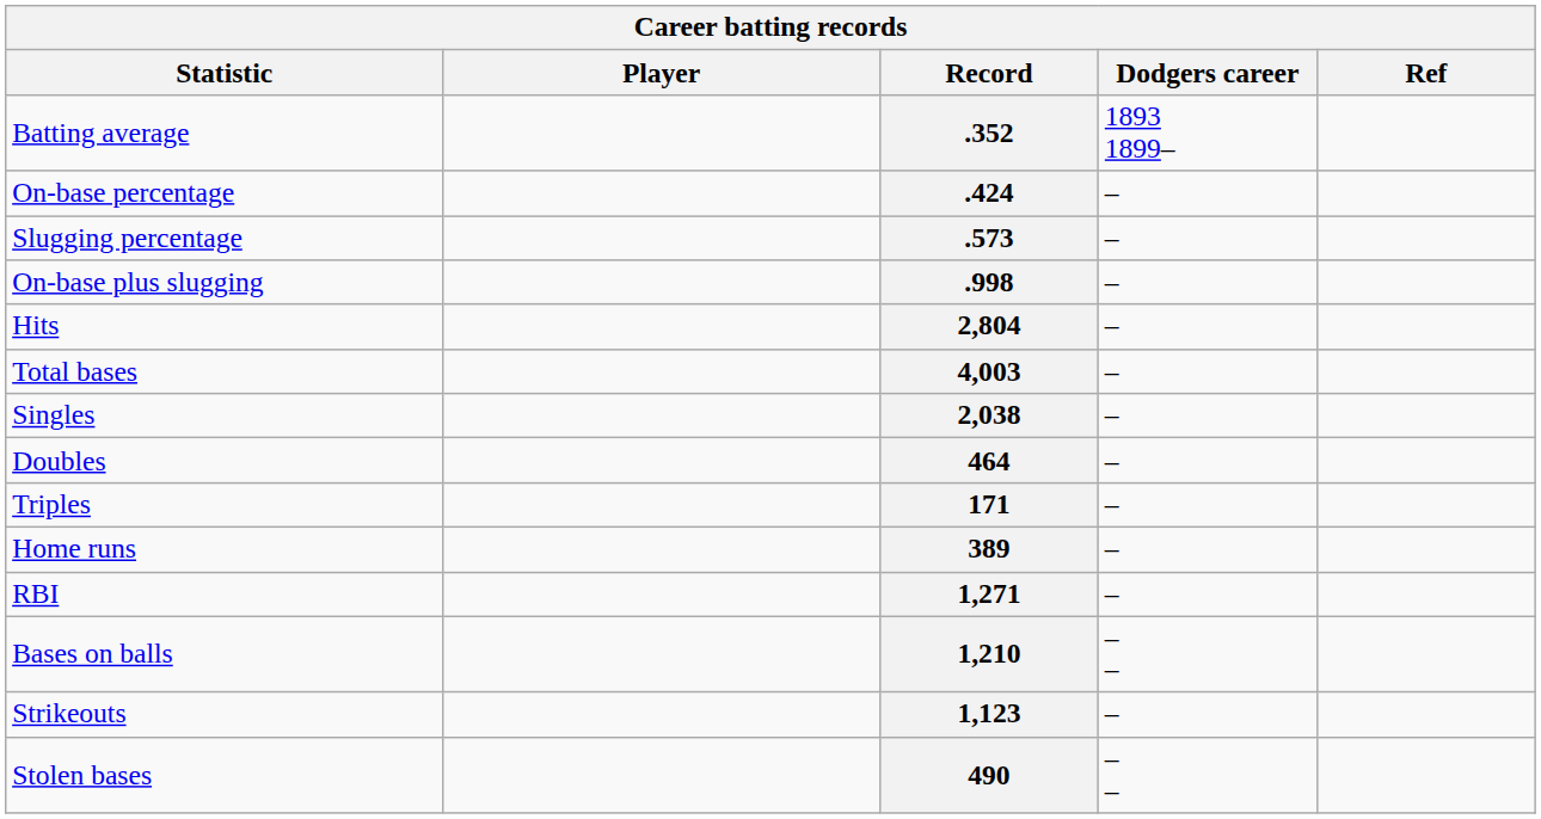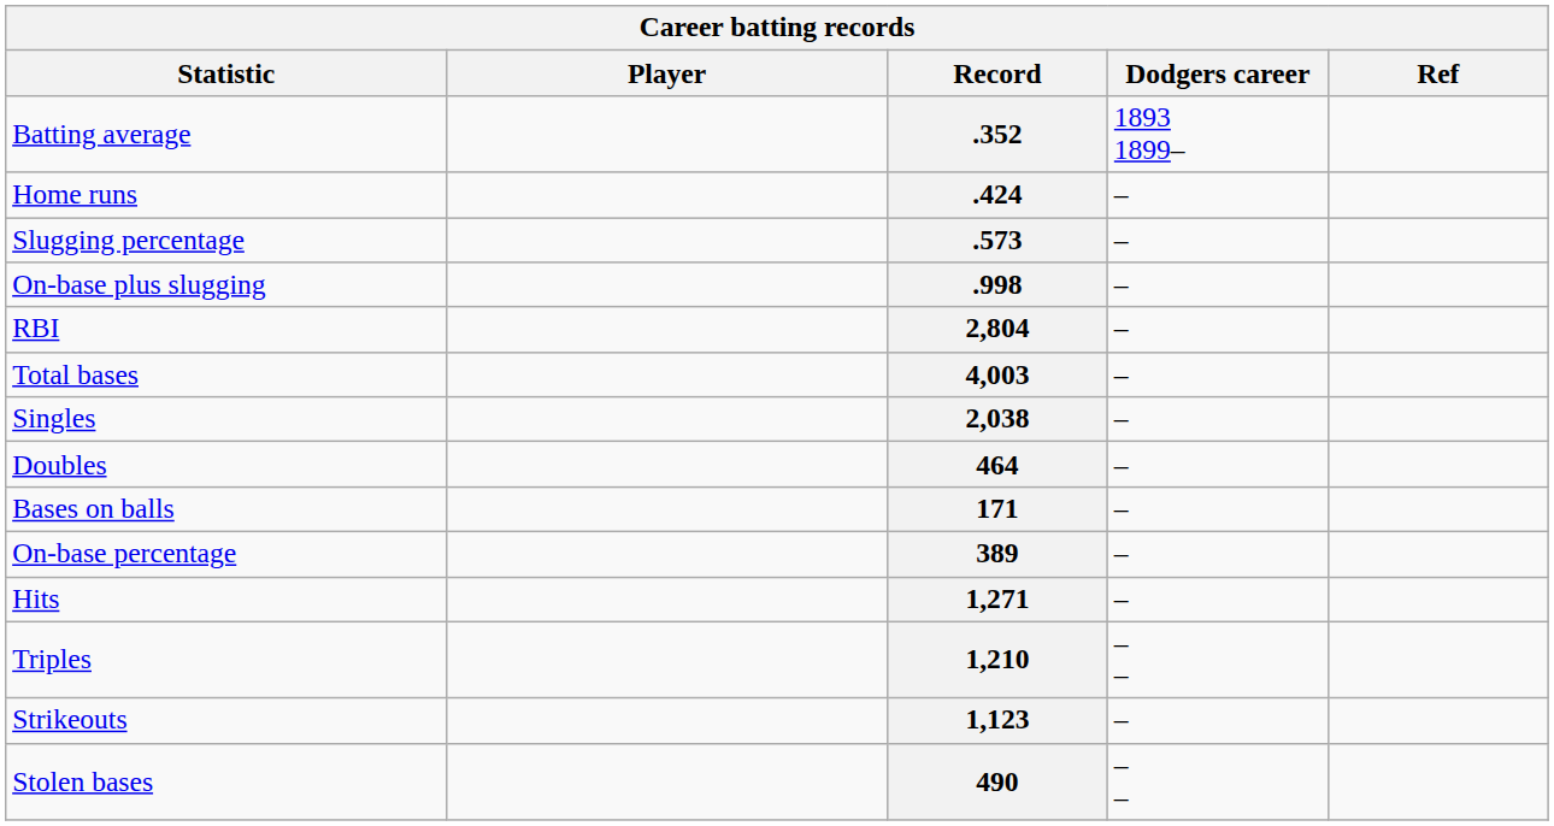 <table class="wikitable" width="69%">
 <tr>
 <th colspan=5>Career batting records</th>
 </tr>
 <tr>
 <th scope="col" width=20%>Statistic</th>
 <th scope="col" width=20%>Player</th>
 <th scope="col" width=10% class="unsortable">Record</th>
 <th scope="col" width=10%>Dodgers career</th>
 <th scope="col" width=10% class="unsortable">Ref</th>
 </tr>
 <tr>
 <td><a href='#'>Batting average</a></td>
 <td></td>
 <th scope="row">.352</th>
 <td><a href='#'>1893</a><br><a href='#'>1899</a>–</td>
 <td></td>
 </tr>
 <tr>
-<td><a href='#'>On-base percentage</a></td>
+<td><a href='#'>Home runs</a></td>
 <td></td>
 <th scope="row">.424</th>
 <td>–</td>
 <td></td>
 </tr>
 <tr>
 <td><a href='#'>Slugging percentage</a></td>
 <td></td>
 <th scope="row">.573</th>
 <td>–</td>
 <td></td>
 </tr>
 <tr>
 <td><a href='#'>On-base plus slugging</a></td>
 <td></td>
 <th scope="row">.998</th>
 <td>–</td>
 <td></td>
 </tr>
 <tr>
-<td><a href='#'>Hits</a></td>
+<td><a href='#'>RBI</a></td>
 <td></td>
 <th scope="row">2,804</th>
 <td>–</td>
 <td></td>
 </tr>
 <tr>
 <td><a href='#'>Total bases</a></td>
 <td></td>
 <th scope="row">4,003</th>
 <td>–</td>
 <td></td>
 </tr>
 <tr>
 <td><a href='#'>Singles</a></td>
 <td></td>
 <th scope="row">2,038</th>
 <td>–</td>
 <td></td>
 </tr>
 <tr>
 <td><a href='#'>Doubles</a></td>
 <td></td>
 <th scope="row">464</th>
 <td>–</td>
 <td></td>
 </tr>
 <tr>
-<td><a href='#'>Triples</a></td>
+<td><a href='#'>Bases on balls</a></td>
 <td></td>
 <th scope="row">171</th>
 <td>–</td>
 <td></td>
 </tr>
 <tr>
-<td><a href='#'>Home runs</a></td>
+<td><a href='#'>On-base percentage</a></td>
 <td></td>
 <th scope="row">389</th>
 <td>–</td>
 <td></td>
 </tr>
 <tr>
-<td><a href='#'>RBI</a></td>
+<td><a href='#'>Hits</a></td>
 <td></td>
 <th scope="row">1,271</th>
 <td>–</td>
 <td></td>
 </tr>
 <tr>
-<td><a href='#'>Bases on balls</a></td>
+<td><a href='#'>Triples</a></td>
 <td></td>
 <th scope="row">1,210</th>
 <td>–<br>–</td>
 <td></td>
 </tr>
 <tr>
 <td><a href='#'>Strikeouts</a></td>
 <td></td>
 <th scope="row">1,123</th>
 <td>–</td>
 <td></td>
 </tr>
 <tr>
 <td><a href='#'>Stolen bases</a></td>
 <td></td>
 <th scope="row">490</th>
 <td>–<br>–</td>
 <td></td>
 </tr>
 </table>
